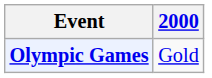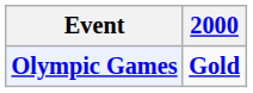 <table class="wikitable" style="font-size: 90%; text-align:center">
 <tr>
 <th>Event</th>
 <th><a href='#'>2000</a></th>
 </tr>
 <tr>
 <td bgcolor="#ECF2FF"; align="left"><strong><a href='#'>Olympic Games</a></strong></td>
-<td> <a href='#'>Gold</a></td>
+<td><strong> <a href='#'>Gold</a></strong></td>
 </tr>
 </table>
